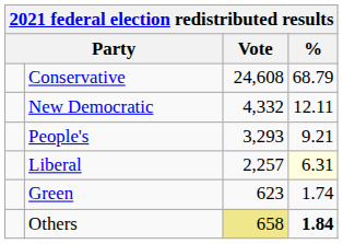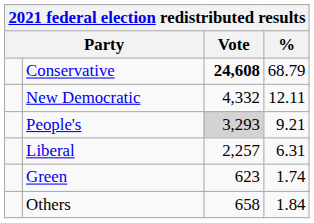 <table class="wikitable">
 <tr>
 <th colspan="4"><a href='#'>2021 federal election</a> redistributed results</th>
 </tr>
 <tr>
 <th bgcolor="#DDDDFF" width="130px" colspan="2">Party</th>
 <th bgcolor="#DDDDFF" width="50px">Vote</th>
 <th bgcolor="#DDDDFF" width="30px">%</th>
 </tr>
 <tr>
 <td> </td>
 <td><a href='#'>Conservative</a></td>
-<td align=right>24,608</td>
+<td align=right><strong>24,608</strong></td>
 <td align=right>68.79</td>
 </tr>
 <tr>
 <td> </td>
 <td><a href='#'>New Democratic</a></td>
 <td align=right>4,332</td>
 <td align=right>12.11</td>
 </tr>
 <tr>
 <td> </td>
 <td><a href='#'>People's</a></td>
-<td align=right>3,293</td>
+<td align=right style="background: lightgrey;">3,293</td>
 <td align=right>9.21</td>
 </tr>
 <tr>
 <td> </td>
 <td><a href='#'>Liberal</a></td>
 <td align=right>2,257</td>
-<td align=right style="background: lightyellow;">6.31</td>
+<td align=right>6.31</td>
 </tr>
 <tr>
 <td> </td>
 <td><a href='#'>Green</a></td>
 <td align=right>623</td>
 <td align=right>1.74</td>
 </tr>
 <tr>
 <td> </td>
 <td>Others</td>
-<td align=right style="background: khaki;">658</td>
-<td align=right><strong>1.84</strong></td>
+<td align=right>658</td>
+<td align=right>1.84</td>
 </tr>
 </table>
